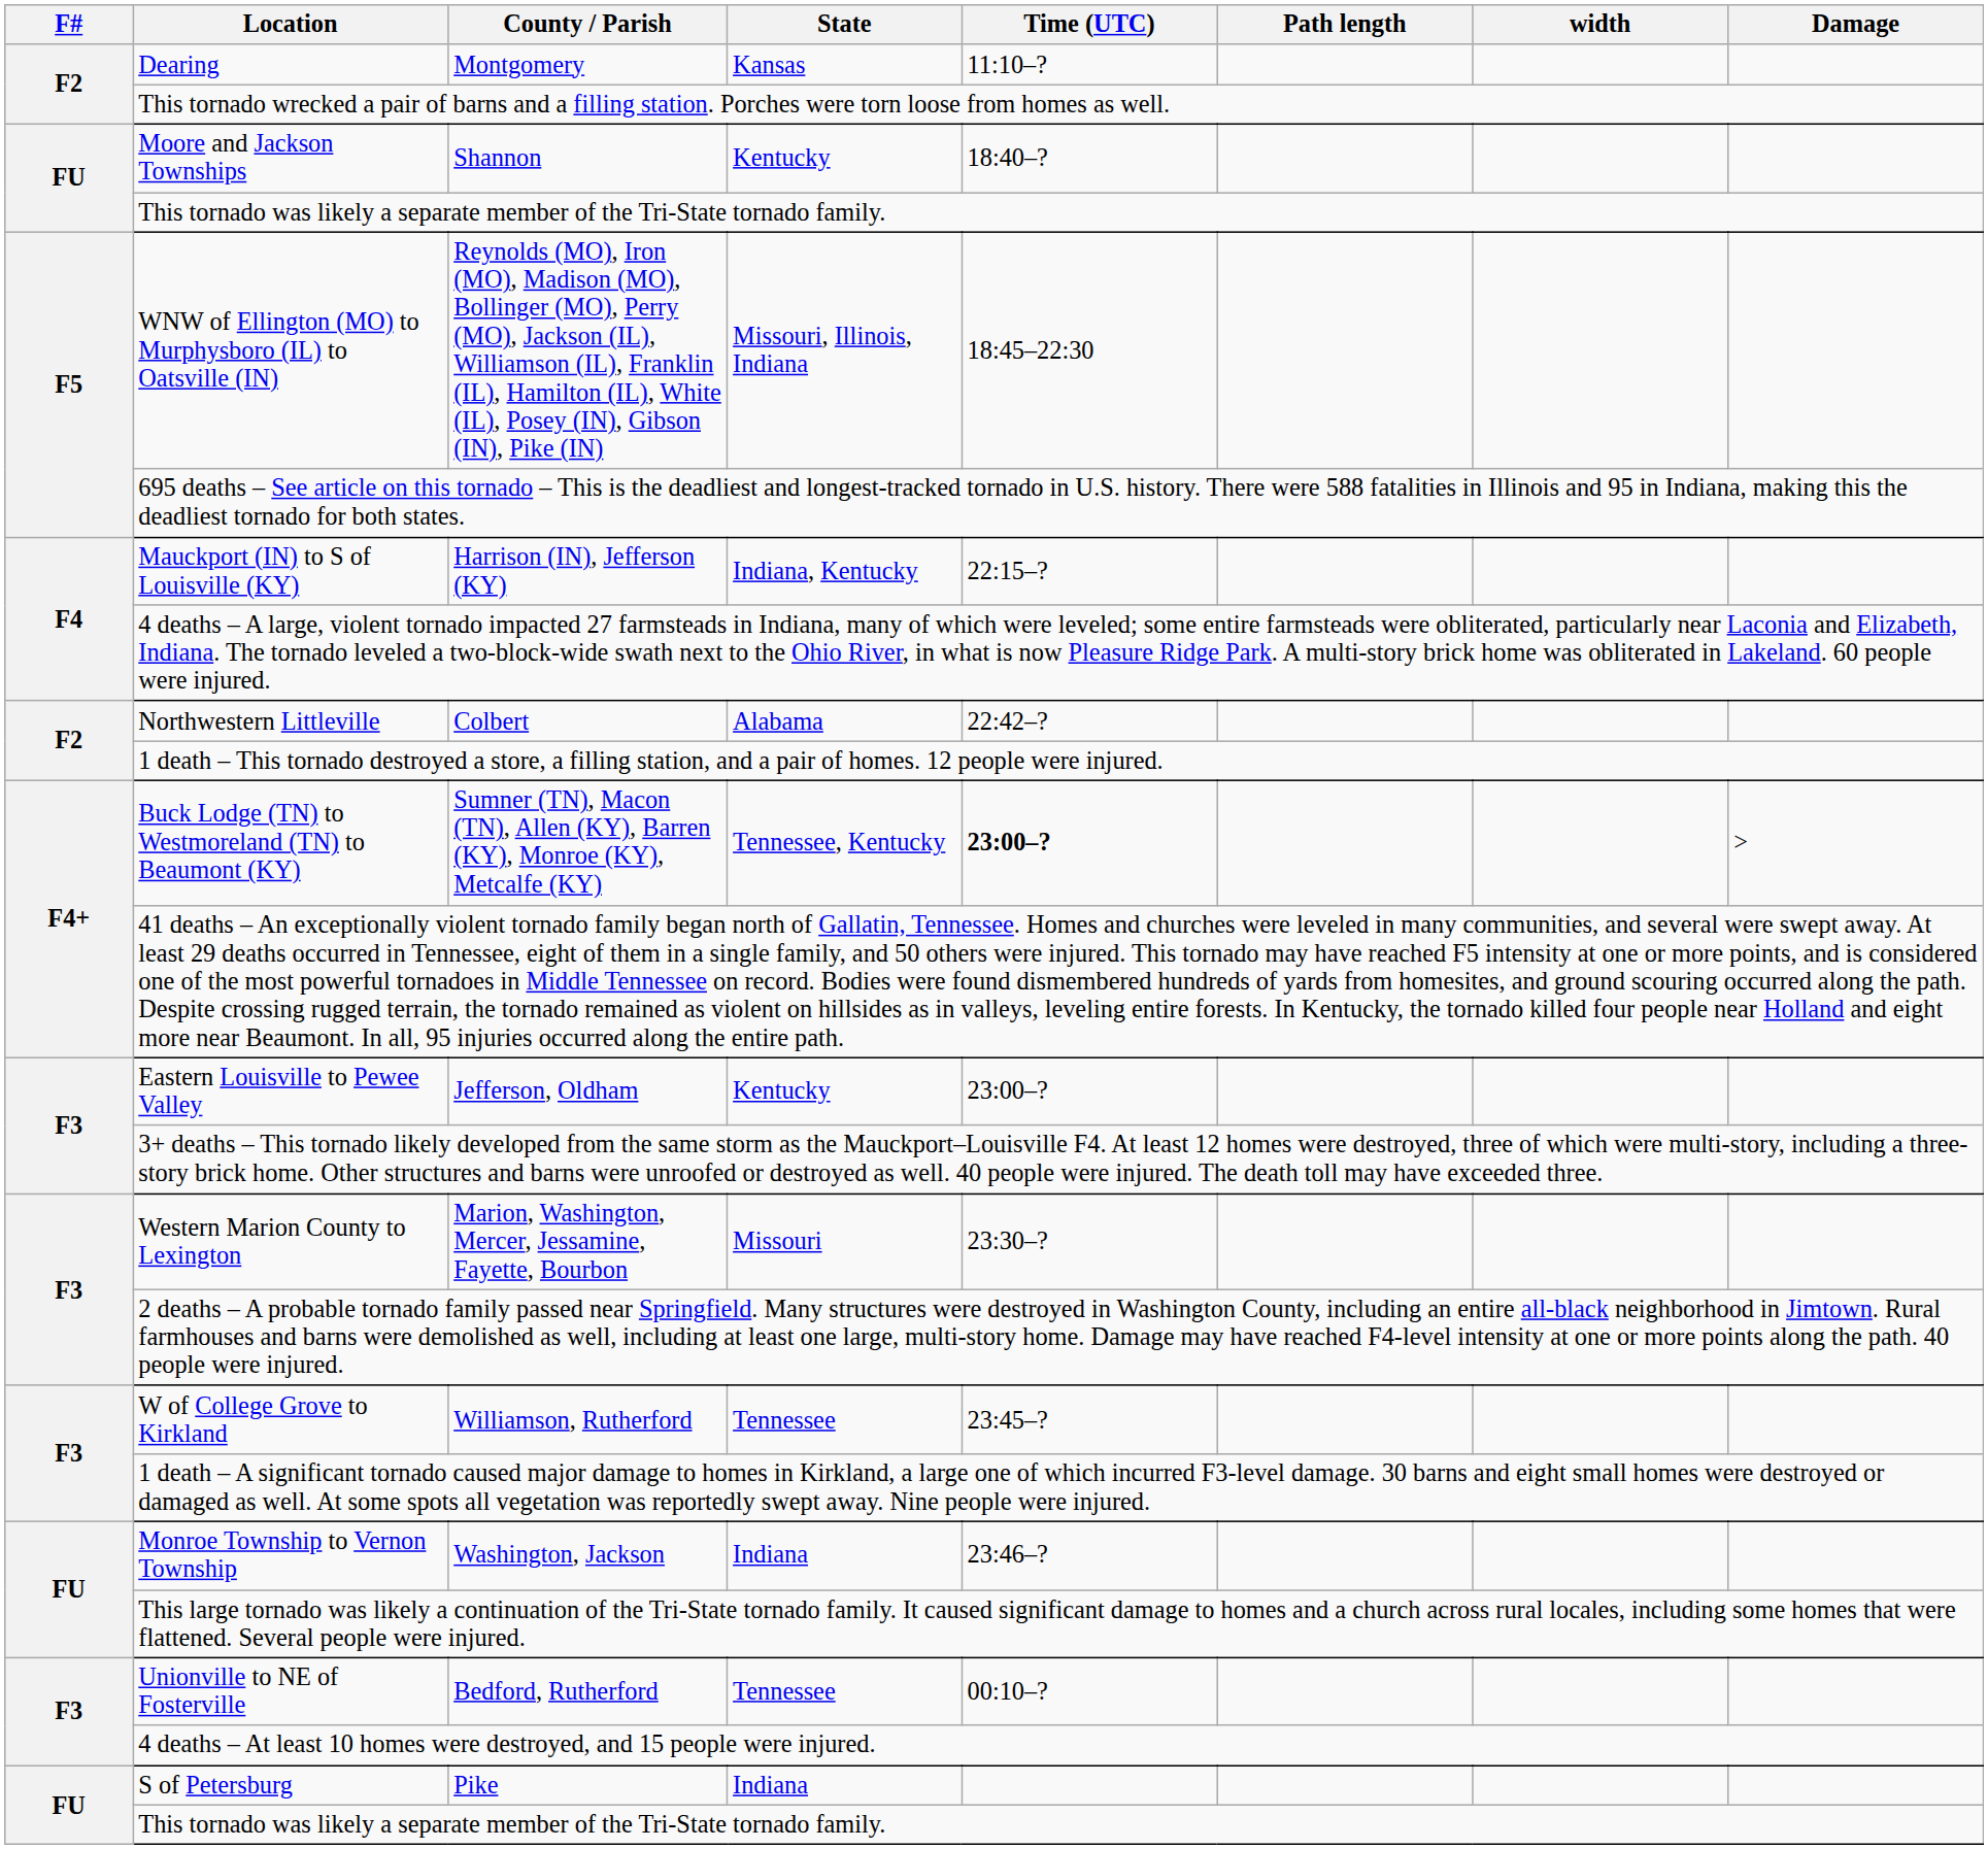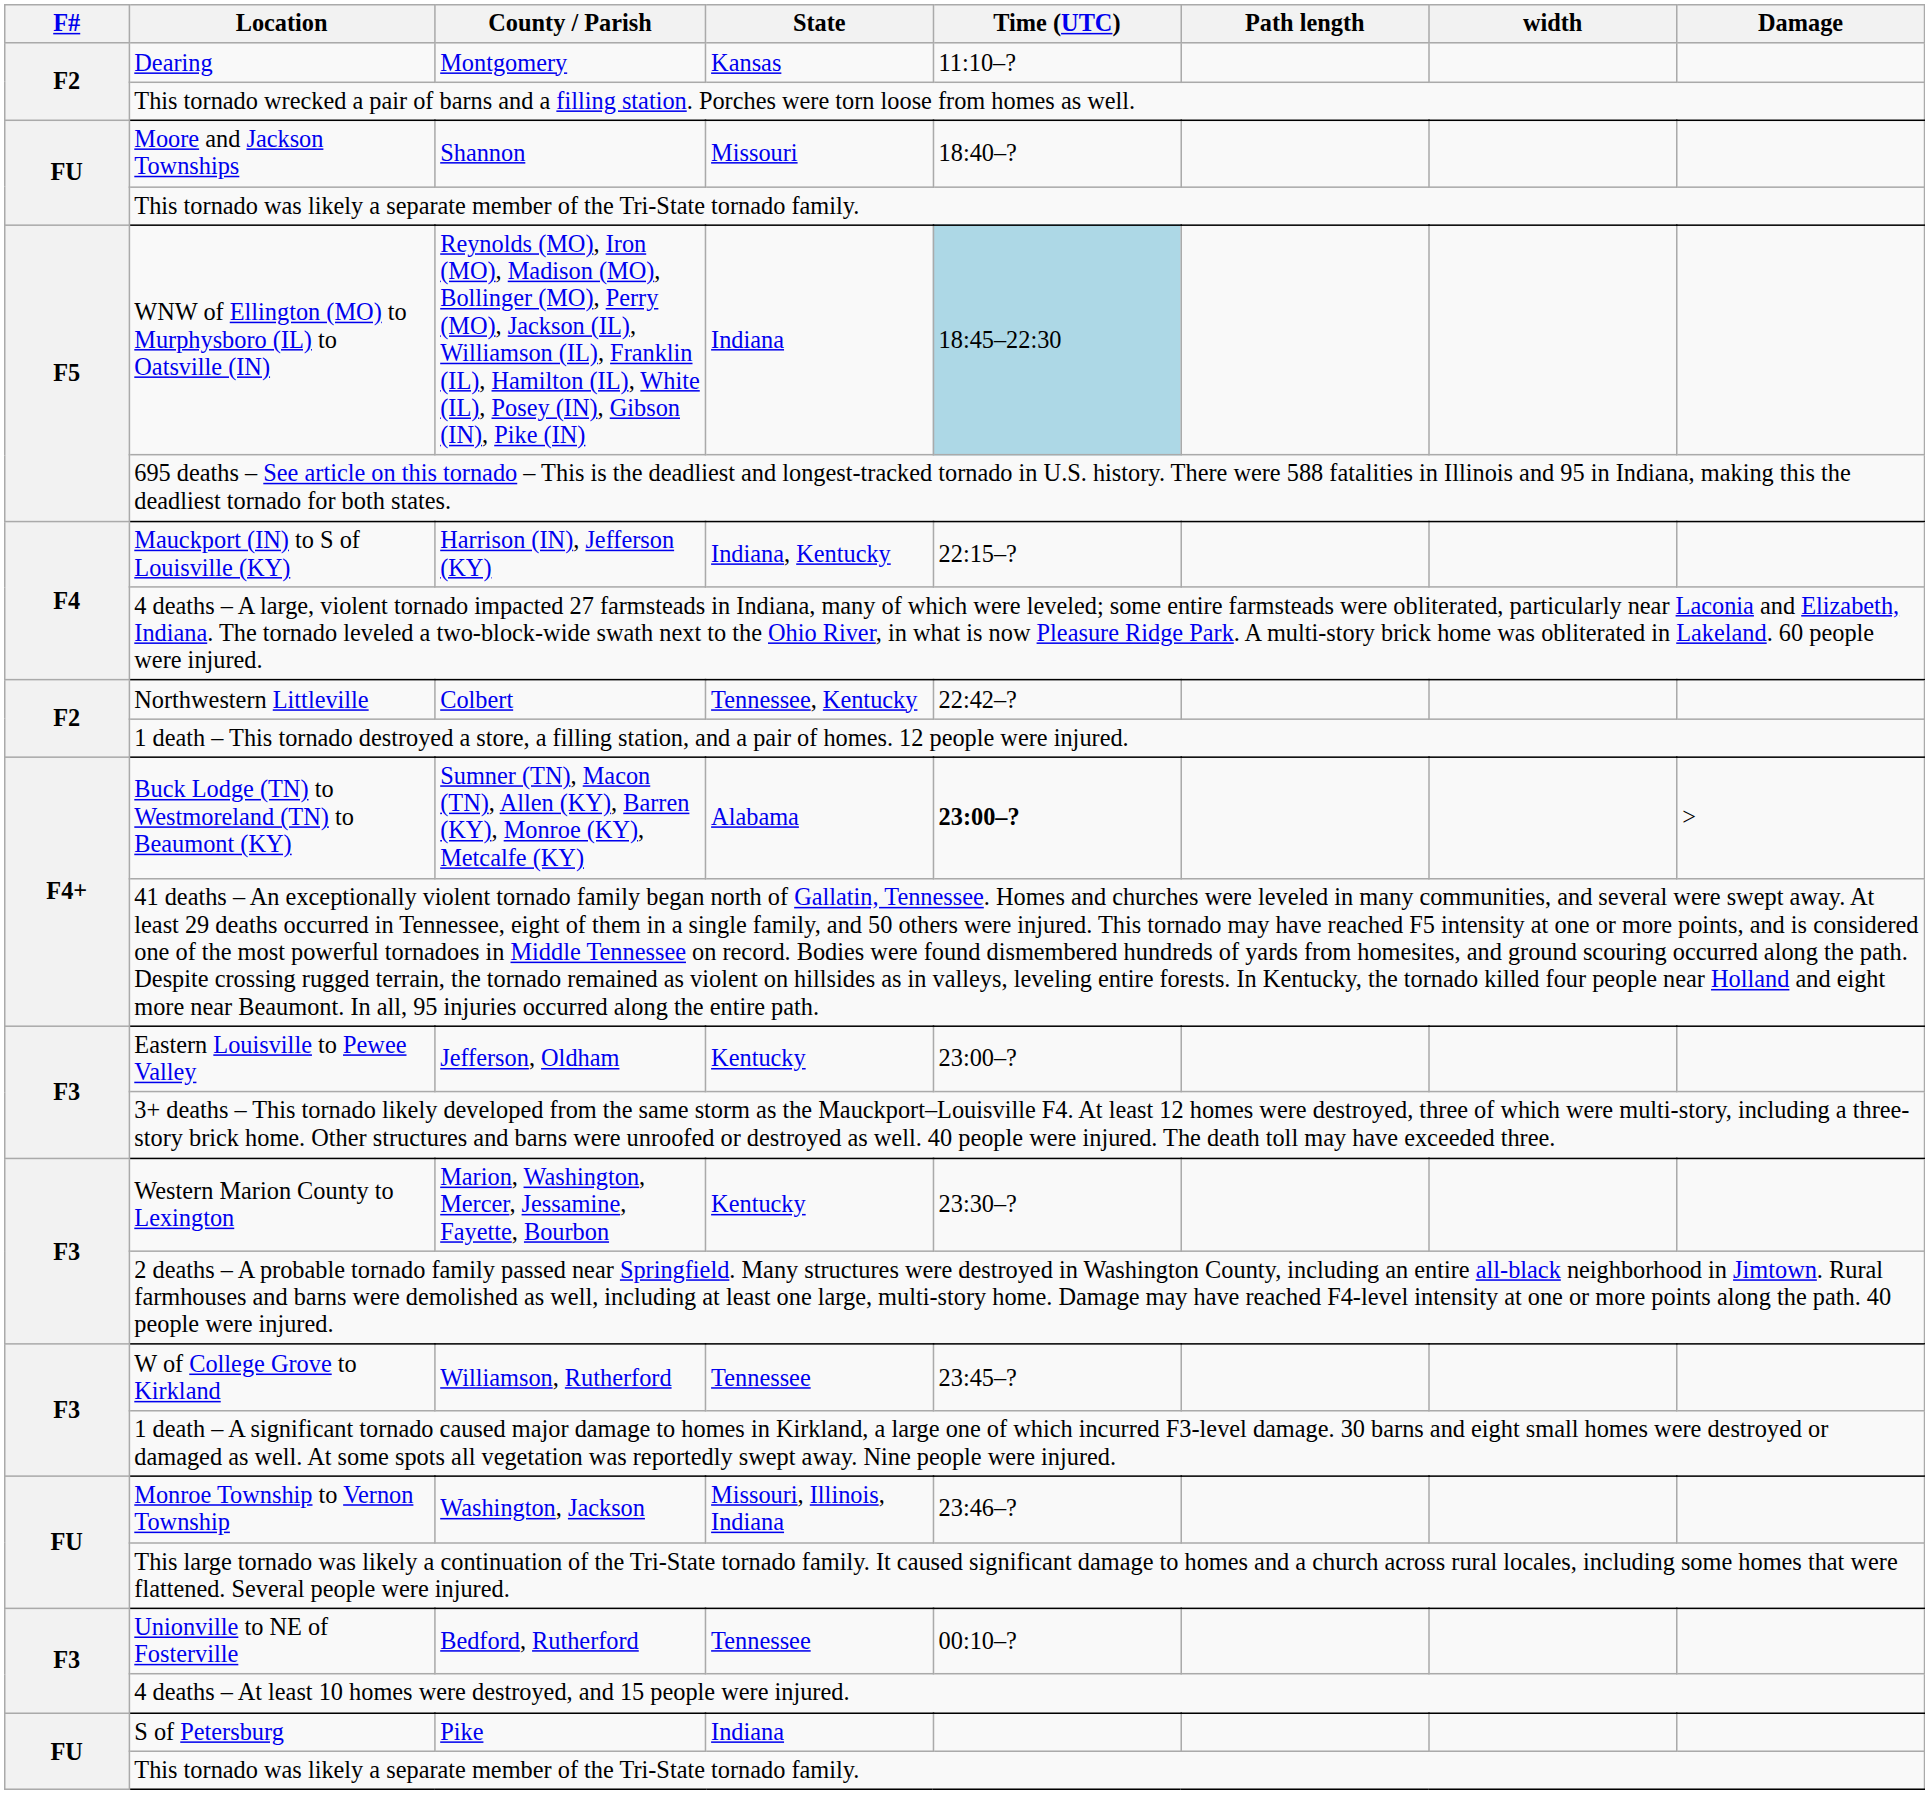 <table class="wikitable sortable" style="width:100%;">
 <tr>
 <th scope="col"  style="width:3%; text-align:center;"><a href='#'>F#</a></th>
 <th scope="col"  style="width:7%; text-align:center;" class="unsortable">Location</th>
 <th scope="col"  style="width:6%; text-align:center;" class="unsortable">County / Parish</th>
 <th scope="col"  style="width:5%; text-align:center;">State</th>
 <th scope="col"  style="width:6%; text-align:center;">Time (<a href='#'>UTC</a>)</th>
 <th scope="col"  style="width:6%; text-align:center;">Path length</th>
 <th scope="col"  style="width:6%; text-align:center;"> width</th>
 <th scope="col"  style="width:6%; text-align:center;">Damage</th>
 </tr>
 <tr>
 <th scope="row" rowspan="2" style="background-color:#">F2</th>
 <td><a href='#'>Dearing</a></td>
 <td><a href='#'>Montgomery</a></td>
 <td><a href='#'>Kansas</a></td>
 <td>11:10–?</td>
 <td></td>
 <td></td>
 <td></td>
 </tr>
 <tr class="expand-child">
 <td colspan="8" style=" border-bottom: 1px solid black;">This tornado wrecked a pair of barns and a <a href='#'>filling station</a>. Porches were torn loose from homes as well.</td>
 </tr>
 <tr>
 <th scope="row" rowspan="2" style="background-color:#">FU</th>
 <td><a href='#'>Moore</a> and <a href='#'>Jackson Townships</a></td>
 <td><a href='#'>Shannon</a></td>
-<td><a href='#'>Kentucky</a></td>
+<td><a href='#'>Missouri</a></td>
 <td>18:40–?</td>
 <td></td>
 <td></td>
 <td></td>
 </tr>
 <tr class="expand-child">
 <td colspan="8" style=" border-bottom: 1px solid black;">This tornado was likely a separate member of the Tri-State tornado family.</td>
 </tr>
 <tr>
 <th scope="row" rowspan="2" style="background-color:#">F5</th>
 <td>WNW of <a href='#'>Ellington (MO)</a> to <a href='#'>Murphysboro (IL)</a> to <a href='#'>Oatsville (IN)</a></td>
 <td><a href='#'>Reynolds (MO)</a>, <a href='#'>Iron (MO)</a>, <a href='#'>Madison (MO)</a>, <a href='#'>Bollinger (MO)</a>, <a href='#'>Perry (MO)</a>, <a href='#'>Jackson (IL)</a>, <a href='#'>Williamson (IL)</a>, <a href='#'>Franklin (IL)</a>, <a href='#'>Hamilton (IL)</a>, <a href='#'>White (IL)</a>, <a href='#'>Posey (IN)</a>, <a href='#'>Gibson (IN)</a>, <a href='#'>Pike (IN)</a></td>
-<td><a href='#'>Missouri</a>, <a href='#'>Illinois</a>, <a href='#'>Indiana</a></td>
-<td>18:45–22:30</td>
+<td><a href='#'>Indiana</a></td>
+<td style="background: lightblue;">18:45–22:30</td>
 <td></td>
 <td></td>
 <td></td>
 </tr>
 <tr class="expand-child">
 <td colspan="8" style=" border-bottom: 1px solid black;">695 deaths – <a href='#'>See article on this tornado</a> – This is the deadliest and longest-tracked tornado in U.S. history. There were 588 fatalities in Illinois and 95 in Indiana, making this the deadliest tornado for both states.</td>
 </tr>
 <tr>
 <th scope="row" rowspan="2" style="background-color:#">F4</th>
 <td><a href='#'>Mauckport (IN)</a> to S of <a href='#'>Louisville (KY)</a></td>
 <td><a href='#'>Harrison (IN)</a>, <a href='#'>Jefferson (KY)</a></td>
 <td><a href='#'>Indiana</a>, <a href='#'>Kentucky</a></td>
 <td>22:15–?</td>
 <td></td>
 <td></td>
 <td></td>
 </tr>
 <tr class="expand-child">
 <td colspan="8" style=" border-bottom: 1px solid black;">4 deaths – A large, violent tornado impacted 27 farmsteads in Indiana, many of which were leveled; some entire farmsteads were obliterated, particularly near <a href='#'>Laconia</a> and <a href='#'>Elizabeth, Indiana</a>. The tornado leveled a two-block-wide swath next to the <a href='#'>Ohio River</a>, in what is now <a href='#'>Pleasure Ridge Park</a>. A multi-story brick home was obliterated in <a href='#'>Lakeland</a>. 60 people were injured.</td>
 </tr>
 <tr>
 <th scope="row" rowspan="2" style="background-color:#">F2</th>
 <td>Northwestern <a href='#'>Littleville</a></td>
 <td><a href='#'>Colbert</a></td>
-<td><a href='#'>Alabama</a></td>
+<td><a href='#'>Tennessee</a>, <a href='#'>Kentucky</a></td>
 <td>22:42–?</td>
 <td></td>
 <td></td>
 <td></td>
 </tr>
 <tr class="expand-child">
 <td colspan="8" style=" border-bottom: 1px solid black;">1 death – This tornado destroyed a store, a filling station, and a pair of homes. 12 people were injured.</td>
 </tr>
 <tr>
 <th scope="row" rowspan="2" style="background-color:#">F4+</th>
 <td><a href='#'>Buck Lodge (TN)</a> to <a href='#'>Westmoreland (TN)</a> to <a href='#'>Beaumont (KY)</a></td>
 <td><a href='#'>Sumner (TN)</a>, <a href='#'>Macon (TN)</a>, <a href='#'>Allen (KY)</a>, <a href='#'>Barren (KY)</a>, <a href='#'>Monroe (KY)</a>, <a href='#'>Metcalfe (KY)</a></td>
-<td><a href='#'>Tennessee</a>, <a href='#'>Kentucky</a></td>
+<td><a href='#'>Alabama</a></td>
 <td><strong>23:00–?</strong></td>
 <td></td>
 <td></td>
 <td>></td>
 </tr>
 <tr class="expand-child">
 <td colspan="8" style=" border-bottom: 1px solid black;">41 deaths – An exceptionally violent tornado family began north of <a href='#'>Gallatin, Tennessee</a>. Homes and churches were leveled in many communities, and several were swept away. At least 29 deaths occurred in Tennessee, eight of them in a single family, and 50 others were injured. This tornado may have reached F5 intensity at one or more points, and is considered one of the most powerful tornadoes in <a href='#'>Middle Tennessee</a> on record. Bodies were found dismembered hundreds of yards from homesites, and ground scouring occurred along the path. Despite crossing rugged terrain, the tornado remained as violent on hillsides as in valleys, leveling entire forests. In Kentucky, the tornado killed four people near <a href='#'>Holland</a> and eight more near Beaumont. In all, 95 injuries occurred along the entire path.</td>
 </tr>
 <tr>
 <th scope="row" rowspan="2" style="background-color:#">F3</th>
 <td>Eastern <a href='#'>Louisville</a> to <a href='#'>Pewee Valley</a></td>
 <td><a href='#'>Jefferson</a>, <a href='#'>Oldham</a></td>
 <td><a href='#'>Kentucky</a></td>
 <td>23:00–?</td>
 <td></td>
 <td></td>
 <td></td>
 </tr>
 <tr class="expand-child">
 <td colspan="8" style=" border-bottom: 1px solid black;">3+ deaths – This tornado likely developed from the same storm as the Mauckport–Louisville F4. At least 12 homes were destroyed, three of which were multi-story, including a three-story brick home. Other structures and barns were unroofed or destroyed as well. 40 people were injured. The death toll may have exceeded three.</td>
 </tr>
 <tr>
 <th scope="row" rowspan="2" style="background-color:#">F3</th>
 <td>Western Marion County to <a href='#'>Lexington</a></td>
 <td><a href='#'>Marion</a>, <a href='#'>Washington</a>, <a href='#'>Mercer</a>, <a href='#'>Jessamine</a>, <a href='#'>Fayette</a>, <a href='#'>Bourbon</a></td>
-<td><a href='#'>Missouri</a></td>
+<td><a href='#'>Kentucky</a></td>
 <td>23:30–?</td>
 <td></td>
 <td></td>
 <td></td>
 </tr>
 <tr class="expand-child">
 <td colspan="8" style=" border-bottom: 1px solid black;">2 deaths – A probable tornado family passed near <a href='#'>Springfield</a>. Many structures were destroyed in Washington County, including an entire <a href='#'>all-black</a> neighborhood in <a href='#'>Jimtown</a>. Rural farmhouses and barns were demolished as well, including at least one large, multi-story home. Damage may have reached F4-level intensity at one or more points along the path. 40 people were injured.</td>
 </tr>
 <tr>
 <th scope="row" rowspan="2" style="background-color:#">F3</th>
 <td>W of <a href='#'>College Grove</a> to <a href='#'>Kirkland</a></td>
 <td><a href='#'>Williamson</a>, <a href='#'>Rutherford</a></td>
 <td><a href='#'>Tennessee</a></td>
 <td>23:45–?</td>
 <td></td>
 <td></td>
 <td></td>
 </tr>
 <tr class="expand-child">
 <td colspan="8" style=" border-bottom: 1px solid black;">1 death – A significant tornado caused major damage to homes in Kirkland, a large one of which incurred F3-level damage. 30 barns and eight small homes were destroyed or damaged as well. At some spots all vegetation was reportedly swept away. Nine people were injured.</td>
 </tr>
 <tr>
 <th scope="row" rowspan="2" style="background-color:#">FU</th>
 <td><a href='#'>Monroe Township</a> to <a href='#'>Vernon Township</a></td>
 <td><a href='#'>Washington</a>, <a href='#'>Jackson</a></td>
-<td><a href='#'>Indiana</a></td>
+<td><a href='#'>Missouri</a>, <a href='#'>Illinois</a>, <a href='#'>Indiana</a></td>
 <td>23:46–?</td>
 <td></td>
 <td></td>
 <td></td>
 </tr>
 <tr class="expand-child">
 <td colspan="8" style=" border-bottom: 1px solid black;">This large tornado was likely a continuation of the Tri-State tornado family. It caused significant damage to homes and a church across rural locales, including some homes that were flattened. Several people were injured.</td>
 </tr>
 <tr>
 <th scope="row" rowspan="2" style="background-color:#">F3</th>
 <td><a href='#'>Unionville</a> to NE of <a href='#'>Fosterville</a></td>
 <td><a href='#'>Bedford</a>, <a href='#'>Rutherford</a></td>
 <td><a href='#'>Tennessee</a></td>
 <td>00:10–?</td>
 <td></td>
 <td></td>
 <td></td>
 </tr>
 <tr class="expand-child">
 <td colspan="8" style=" border-bottom: 1px solid black;">4 deaths – At least 10 homes were destroyed, and 15 people were injured.</td>
 </tr>
 <tr>
 <th scope="row" rowspan="2" style="background-color:#">FU</th>
 <td>S of <a href='#'>Petersburg</a></td>
 <td><a href='#'>Pike</a></td>
 <td><a href='#'>Indiana</a></td>
 <td></td>
 <td></td>
 <td></td>
 <td></td>
 </tr>
 <tr class="expand-child">
 <td colspan="8" style=" border-bottom: 1px solid black;">This tornado was likely a separate member of the Tri-State tornado family.</td>
 </tr>
 </table>
